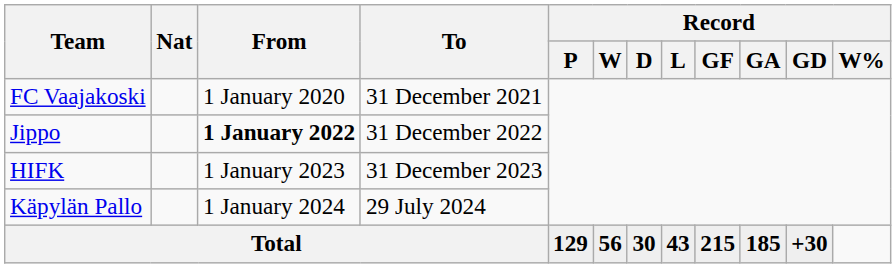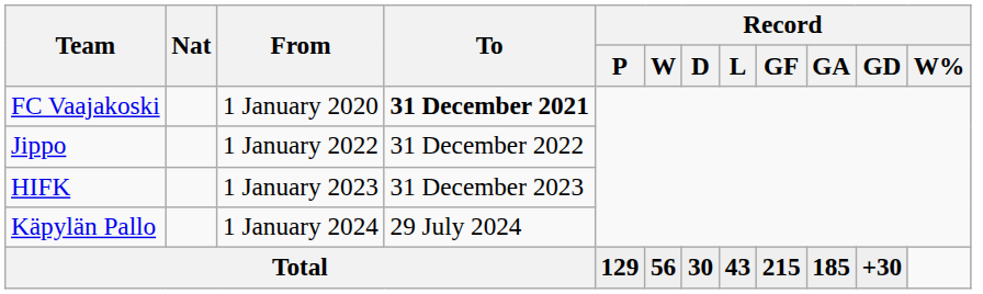 <table class="wikitable" style="text-align:center">
 <tr>
 <th rowspan="2">Team</th>
 <th rowspan="2">Nat</th>
 <th rowspan="2">From</th>
 <th rowspan="2">To</th>
 <th colspan="8">Record</th>
 </tr>
 <tr>
 <th>P</th>
 <th>W</th>
 <th>D</th>
 <th>L</th>
 <th>GF</th>
 <th>GA</th>
 <th>GD</th>
 <th>W%</th>
 </tr>
 <tr>
 <td align=left><a href='#'>FC Vaajakoski</a></td>
 <td></td>
 <td align=left>1 January 2020</td>
-<td align=left>31 December 2021<br></td>
+<td align=left><strong>31 December 2021<br></strong></td>
 </tr>
 <tr>
 <td align=left><a href='#'>Jippo</a></td>
 <td></td>
-<td align=left><strong>1 January 2022</strong></td>
+<td align=left>1 January 2022</td>
 <td align=left>31 December 2022<br></td>
 </tr>
 <tr>
 <td align=left><a href='#'>HIFK</a></td>
 <td></td>
 <td align=left>1 January 2023</td>
 <td align=left>31 December 2023<br></td>
 </tr>
 <tr>
 <td align=left><a href='#'>Käpylän Pallo</a></td>
 <td></td>
 <td align=left>1 January 2024</td>
 <td align=left>29 July 2024<br></td>
 </tr>
 <tr>
 <th colspan="4">Total</th>
 <td style="font-weight:bold;background:#efefef;text-align:center"><span>129</span></td>
 <td style="font-weight:bold;background:#efefef;text-align:center"><span>56</span></td>
 <td style="font-weight:bold;background:#efefef;text-align:center"><span>30</span></td>
 <td style="font-weight:bold;background:#efefef;text-align:center"><span>43</span></td>
 <td style="font-weight:bold;background:#efefef;text-align:center"><span>215</span></td>
 <td style="font-weight:bold;background:#efefef;text-align:center"><span>185</span></td>
 <td style="font-weight:bold;background:#efefef;text-align:center">+30</td>
 <td></td>
 </tr>
 </table>
